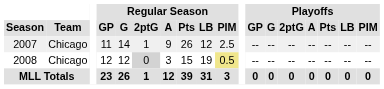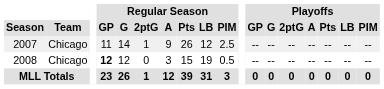 <table BORDER="0" CELLPADDING="3" CELLSPACING="0">
 <tr ALIGN="center" bgcolor="#e0e0e0">
 <th colspan="2" bgcolor="#ffffff"> </th>
 <th rowspan="99" bgcolor="#ffffff"> </th>
 <th colspan="7">Regular Season</th>
 <th rowspan="99" bgcolor="#ffffff"> </th>
 <th colspan="7">Playoffs</th>
 </tr>
 <tr ALIGN="center" bgcolor="#e0e0e0">
 <th>Season</th>
 <th>Team</th>
 <th>GP</th>
 <th>G</th>
 <th>2ptG</th>
 <th>A</th>
 <th>Pts</th>
 <th>LB</th>
 <th>PIM</th>
 <th>GP</th>
 <th>G</th>
 <th>2ptG</th>
 <th>A</th>
 <th>Pts</th>
 <th>LB</th>
 <th>PIM</th>
 </tr>
 <tr ALIGN="center" bgcolor="#f0f0f0">
 <td>2007</td>
 <td>Chicago</td>
 <td>11</td>
 <td>14</td>
 <td>1</td>
 <td>9</td>
 <td>26</td>
 <td>12</td>
 <td>2.5</td>
 <td>--</td>
 <td>--</td>
 <td>--</td>
 <td>--</td>
 <td>--</td>
 <td>--</td>
 <td>--</td>
 </tr>
 <tr ALIGN="center">
 <td>2008</td>
 <td>Chicago</td>
+<td><strong>12</strong></td>
 <td>12</td>
-<td>12</td>
-<td style="background: lightgrey;">0</td>
+<td>0</td>
 <td>3</td>
 <td>15</td>
 <td>19</td>
-<td style="background: khaki;">0.5</td>
+<td>0.5</td>
 <td>--</td>
 <td>--</td>
 <td>--</td>
 <td>--</td>
 <td>--</td>
 <td>--</td>
 <td>--</td>
 </tr>
 <tr ALIGN="center" bgcolor="#e0e0e0">
 <th colspan="2">MLL Totals</th>
 <th>23</th>
 <th>26</th>
 <th>1</th>
 <th>12</th>
 <th>39</th>
 <th>31</th>
 <th>3</th>
 <th>0</th>
 <th>0</th>
 <th>0</th>
 <th>0</th>
 <th>0</th>
 <th>0</th>
 <th>0</th>
 </tr>
 </table>
